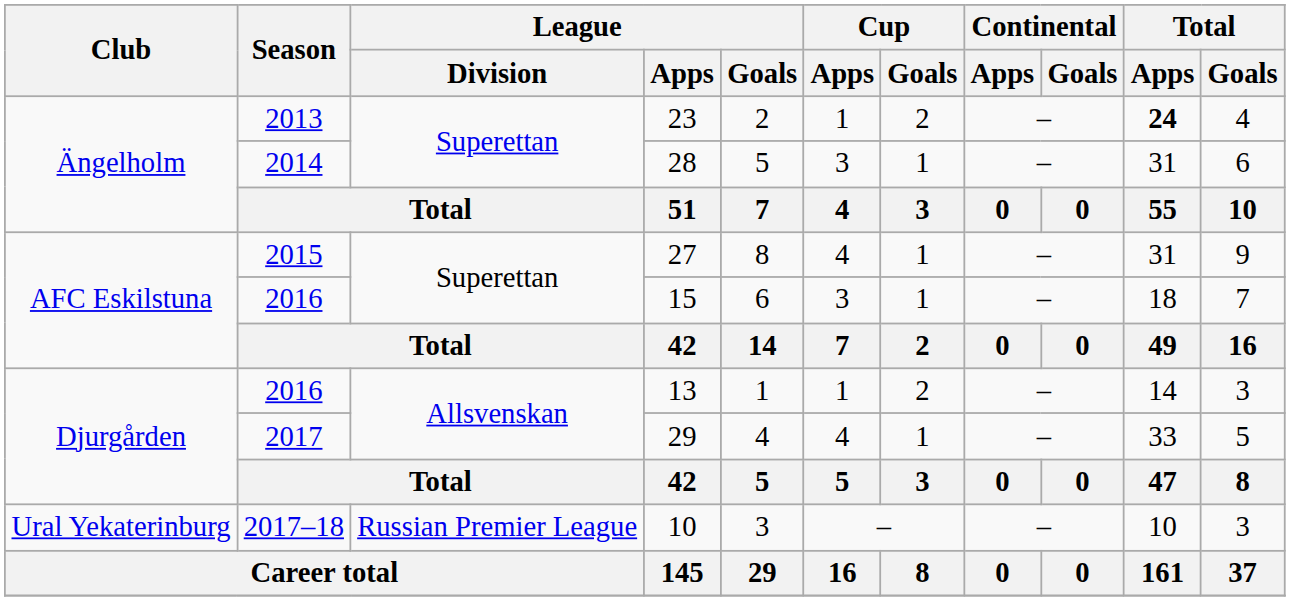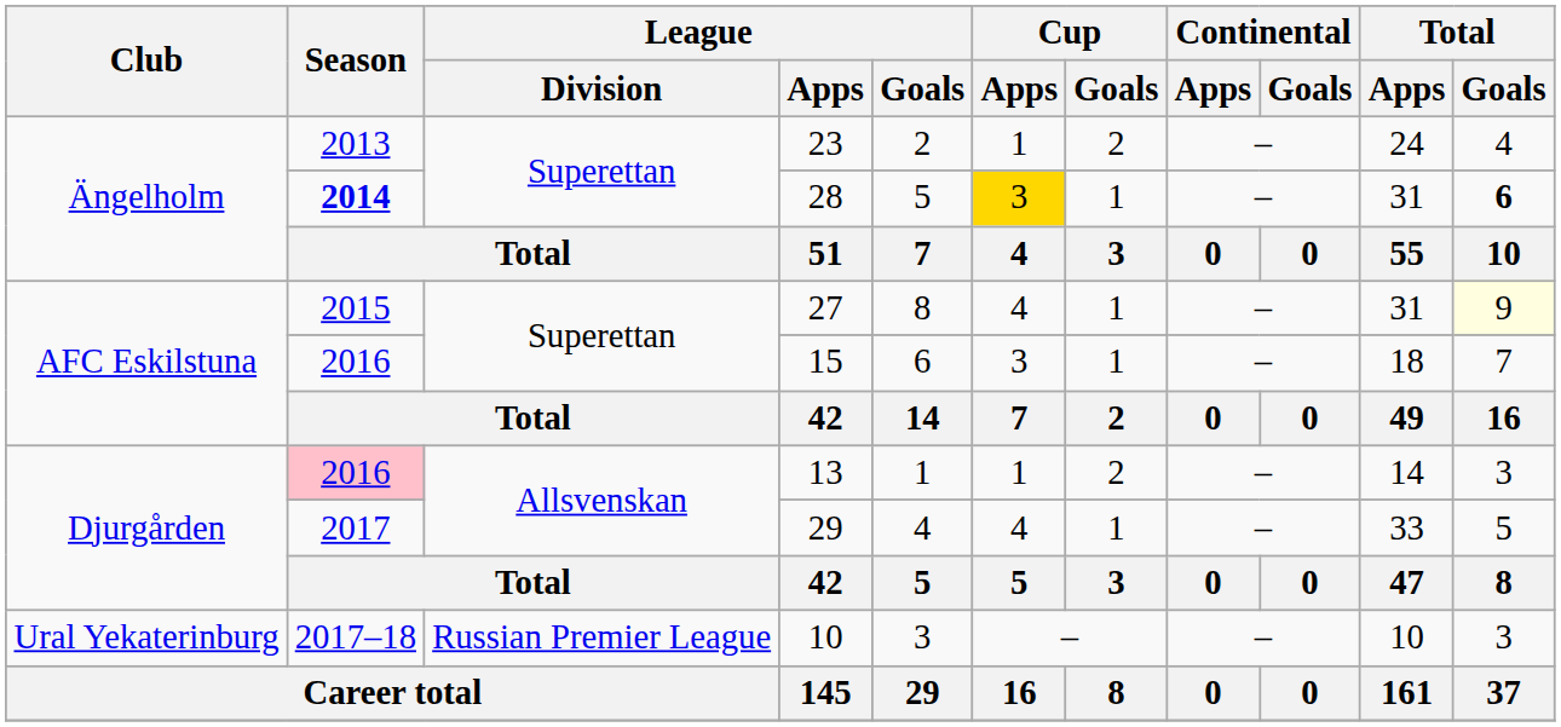 <table class="wikitable" style="text-align: center;">
 <tr>
 <th rowspan=2>Club</th>
 <th rowspan=2>Season</th>
 <th colspan=3>League</th>
 <th colspan=2>Cup</th>
 <th colspan=2>Continental</th>
 <th colspan=2>Total</th>
 </tr>
 <tr>
 <th>Division</th>
 <th>Apps</th>
 <th>Goals</th>
 <th>Apps</th>
 <th>Goals</th>
 <th>Apps</th>
 <th>Goals</th>
 <th>Apps</th>
 <th>Goals</th>
 </tr>
 <tr>
 <td rowspan=3><a href='#'>Ängelholm</a></td>
 <td><a href='#'>2013</a></td>
 <td rowspan=2><a href='#'>Superettan</a></td>
 <td>23</td>
 <td>2</td>
 <td>1</td>
 <td>2</td>
 <td colspan=2>–</td>
-<td><strong>24</strong></td>
+<td>24</td>
 <td>4</td>
 </tr>
 <tr>
-<td><a href='#'>2014</a></td>
+<td><strong><a href='#'>2014</a></strong></td>
 <td>28</td>
 <td>5</td>
-<td>3</td>
+<td style="background: gold;">3</td>
 <td>1</td>
 <td colspan=2>–</td>
 <td>31</td>
-<td>6</td>
+<td><strong>6</strong></td>
 </tr>
 <tr>
 <th colspan=2>Total</th>
 <th>51</th>
 <th>7</th>
 <th>4</th>
 <th>3</th>
 <th>0</th>
 <th>0</th>
 <th>55</th>
 <th>10</th>
 </tr>
 <tr>
 <td rowspan=3><a href='#'>AFC Eskilstuna</a></td>
 <td><a href='#'>2015</a></td>
 <td rowspan=2>Superettan</td>
 <td>27</td>
 <td>8</td>
 <td>4</td>
 <td>1</td>
 <td colspan=2>–</td>
 <td>31</td>
-<td>9</td>
+<td style="background: lightyellow;">9</td>
 </tr>
 <tr>
 <td><a href='#'>2016</a></td>
 <td>15</td>
 <td>6</td>
 <td>3</td>
 <td>1</td>
 <td colspan=2>–</td>
 <td>18</td>
 <td>7</td>
 </tr>
 <tr>
 <th colspan=2>Total</th>
 <th>42</th>
 <th>14</th>
 <th>7</th>
 <th>2</th>
 <th>0</th>
 <th>0</th>
 <th>49</th>
 <th>16</th>
 </tr>
 <tr>
 <td rowspan=3><a href='#'>Djurgården</a></td>
-<td><a href='#'>2016</a></td>
+<td style="background: pink;"><a href='#'>2016</a></td>
 <td rowspan=2><a href='#'>Allsvenskan</a></td>
 <td>13</td>
 <td>1</td>
 <td>1</td>
 <td>2</td>
 <td colspan=2>–</td>
 <td>14</td>
 <td>3</td>
 </tr>
 <tr>
 <td><a href='#'>2017</a></td>
 <td>29</td>
 <td>4</td>
 <td>4</td>
 <td>1</td>
 <td colspan=2>–</td>
 <td>33</td>
 <td>5</td>
 </tr>
 <tr>
 <th colspan=2>Total</th>
 <th>42</th>
 <th>5</th>
 <th>5</th>
 <th>3</th>
 <th>0</th>
 <th>0</th>
 <th>47</th>
 <th>8</th>
 </tr>
 <tr>
 <td><a href='#'>Ural Yekaterinburg</a></td>
 <td><a href='#'>2017–18</a></td>
 <td><a href='#'>Russian Premier League</a></td>
 <td>10</td>
 <td>3</td>
 <td colspan=2>–</td>
 <td colspan=2>–</td>
 <td>10</td>
 <td>3</td>
 </tr>
 <tr>
 <th colspan=3>Career total</th>
 <th>145</th>
 <th>29</th>
 <th>16</th>
 <th>8</th>
 <th>0</th>
 <th>0</th>
 <th>161</th>
 <th>37</th>
 </tr>
 <tr>
 </tr>
 </table>
